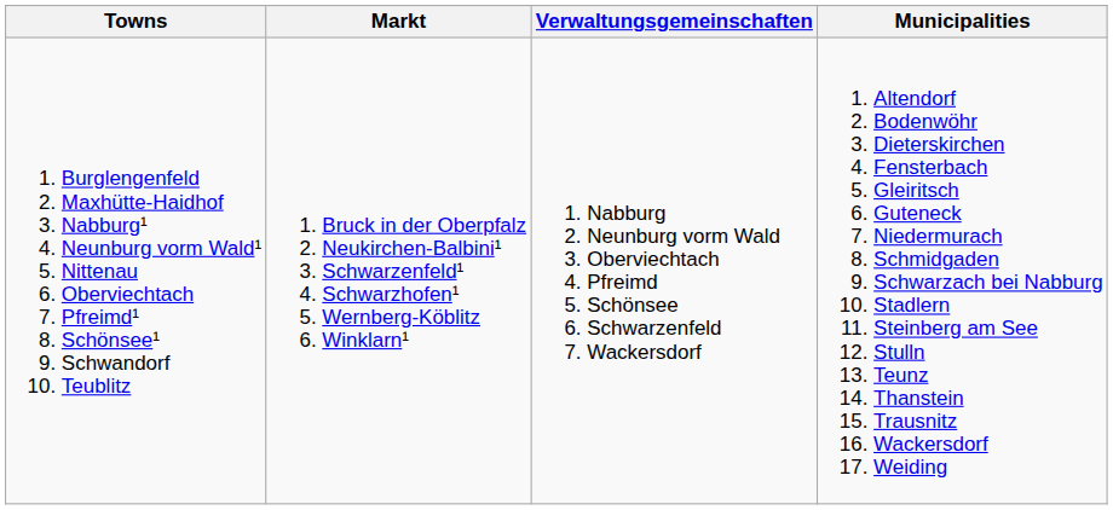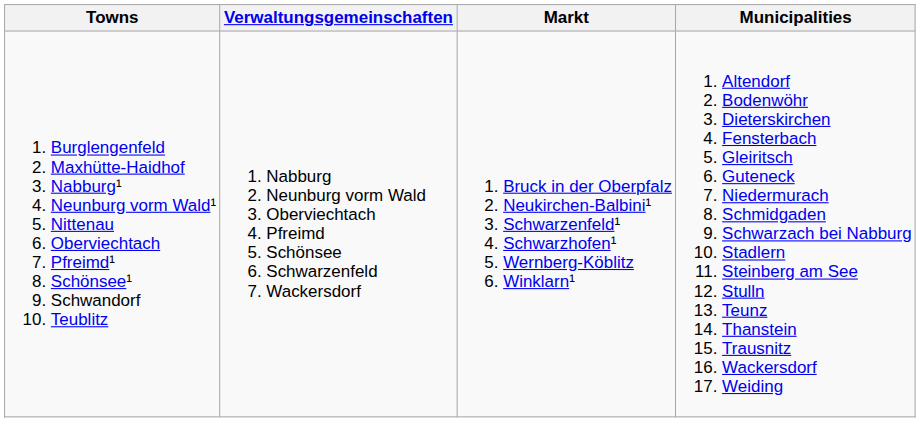 <table class="wikitable">
 <tr>
 <th>Towns</th>
+<th><a href='#'>Verwaltungsgemeinschaften</a></th>
 <th>Markt</th>
-<th><a href='#'>Verwaltungsgemeinschaften</a></th>
 <th>Municipalities</th>
 </tr>
 <tr>
 <td><br><ol><li><a href='#'>Burglengenfeld</a></li><li><a href='#'>Maxhütte-Haidhof</a></li><li><a href='#'>Nabburg</a>¹</li><li><a href='#'>Neunburg vorm Wald</a>¹</li><li><a href='#'>Nittenau</a></li><li><a href='#'>Oberviechtach</a></li><li><a href='#'>Pfreimd</a>¹</li><li><a href='#'>Schönsee</a>¹</li><li>Schwandorf</li><li><a href='#'>Teublitz</a></li></ol></td>
+<td><br><ol><li>Nabburg</li><li>Neunburg vorm Wald</li><li>Oberviechtach</li><li>Pfreimd</li><li>Schönsee</li><li>Schwarzenfeld</li><li>Wackersdorf</li></ol></td>
 <td><br><ol><li><a href='#'>Bruck in der Oberpfalz</a></li><li><a href='#'>Neukirchen-Balbini</a>¹</li><li><a href='#'>Schwarzenfeld</a>¹</li><li><a href='#'>Schwarzhofen</a>¹</li><li><a href='#'>Wernberg-Köblitz</a></li><li><a href='#'>Winklarn</a>¹</li></ol></td>
-<td><br><ol><li>Nabburg</li><li>Neunburg vorm Wald</li><li>Oberviechtach</li><li>Pfreimd</li><li>Schönsee</li><li>Schwarzenfeld</li><li>Wackersdorf</li></ol></td>
 <td><br><ol><li><a href='#'>Altendorf</a></li><li><a href='#'>Bodenwöhr</a></li><li><a href='#'>Dieterskirchen</a></li><li><a href='#'>Fensterbach</a></li><li><a href='#'>Gleiritsch</a></li><li><a href='#'>Guteneck</a></li><li><a href='#'>Niedermurach</a></li><li><a href='#'>Schmidgaden</a></li><li><a href='#'>Schwarzach bei Nabburg</a></li><li><a href='#'>Stadlern</a></li><li><a href='#'>Steinberg am See</a></li><li><a href='#'>Stulln</a></li><li><a href='#'>Teunz</a></li><li><a href='#'>Thanstein</a></li><li><a href='#'>Trausnitz</a></li><li><a href='#'>Wackersdorf</a></li><li><a href='#'>Weiding</a></li></ol></td>
 </tr>
 </table>
